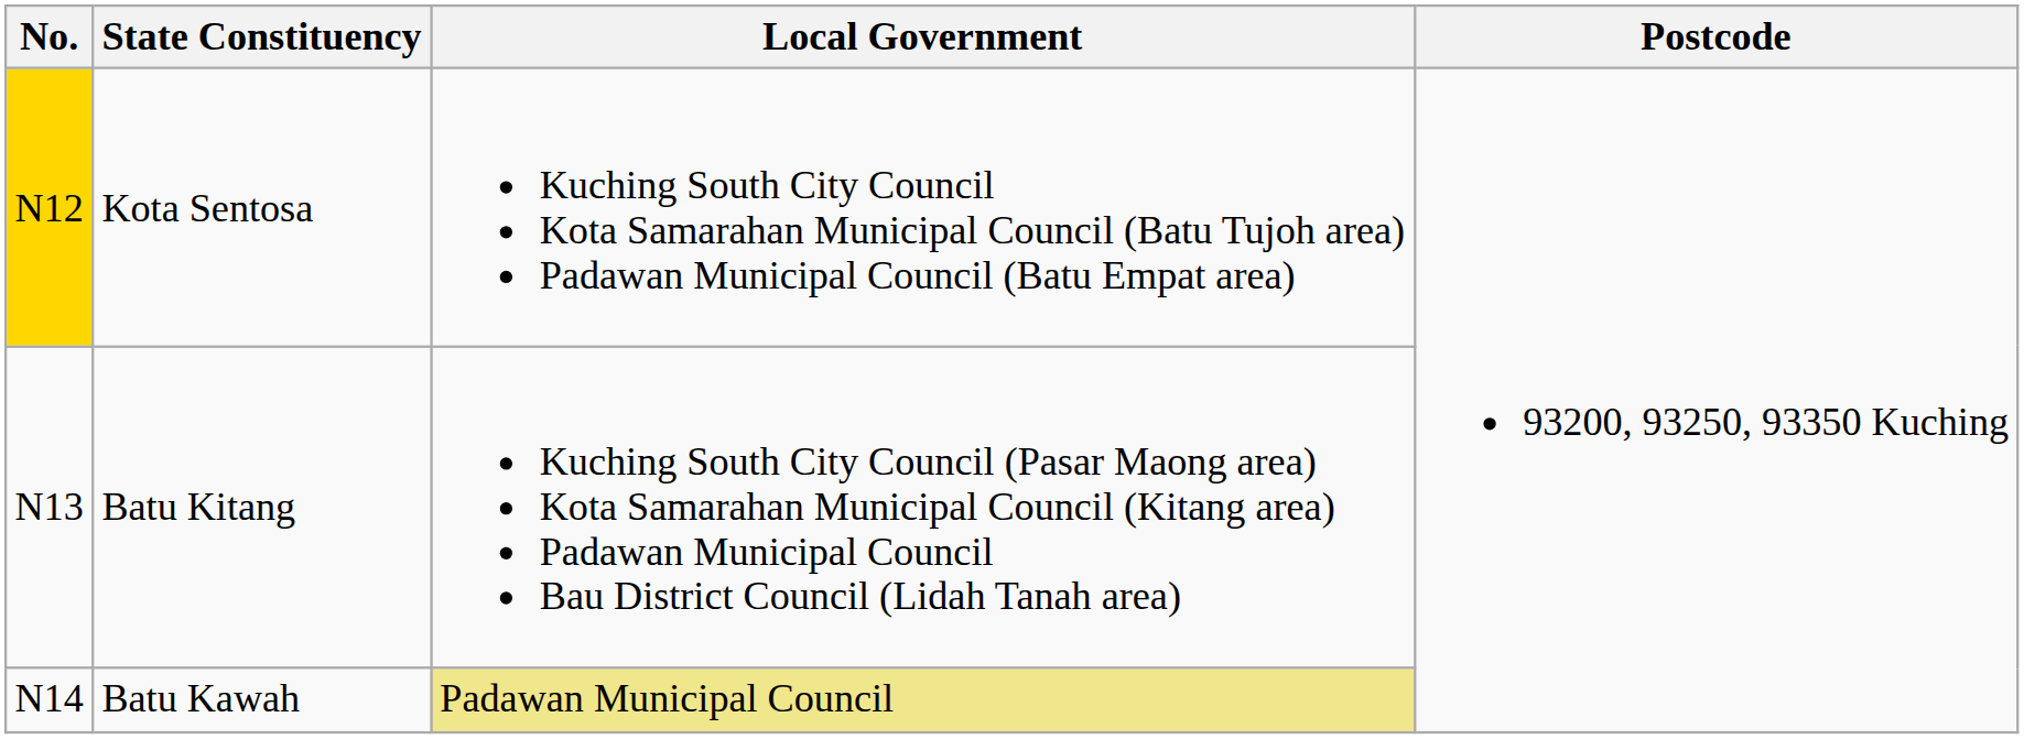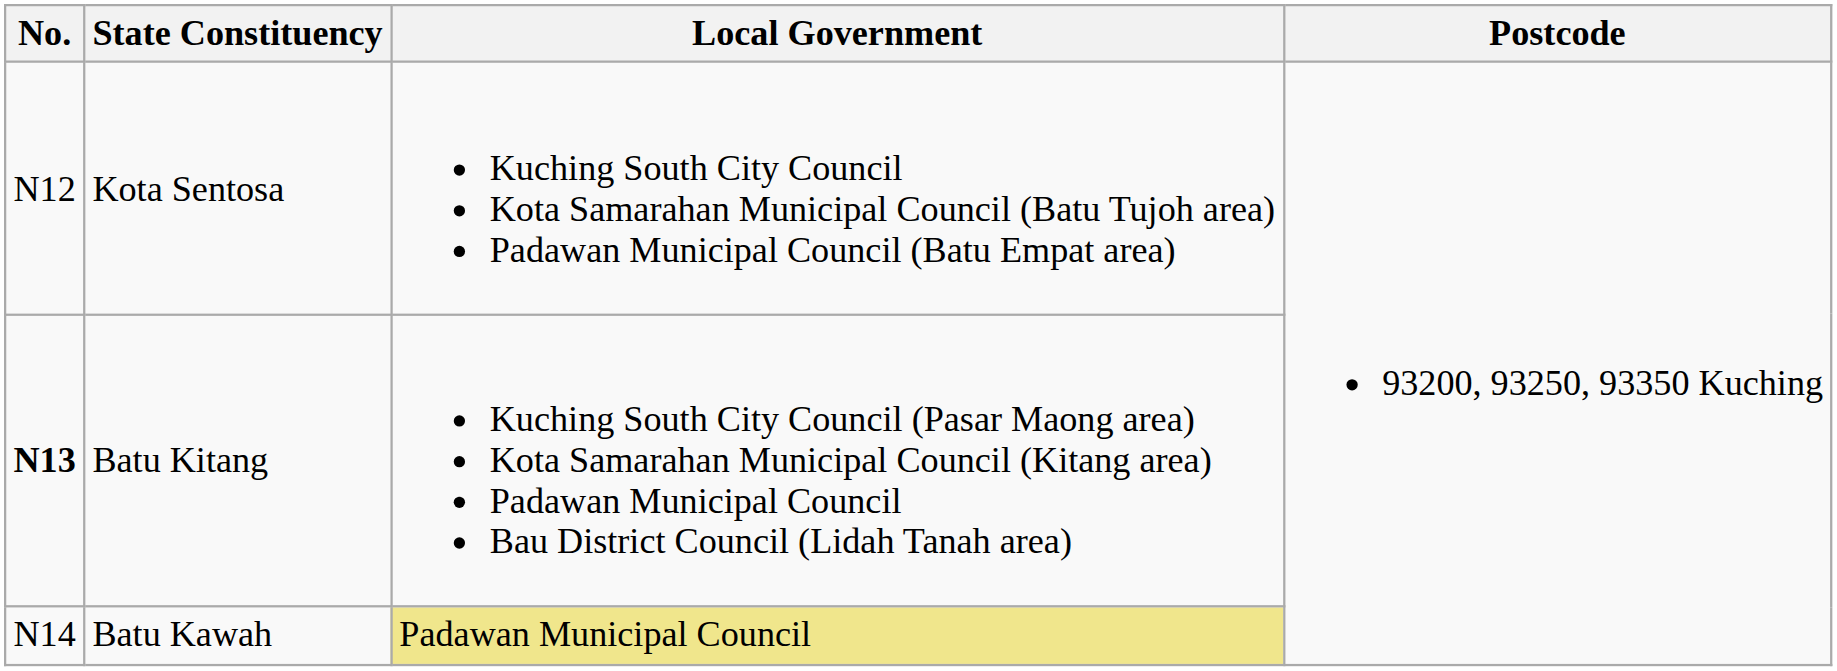 <table class="wikitable">
 <tr>
 <th>No.</th>
 <th>State Constituency</th>
 <th>Local Government</th>
 <th>Postcode</th>
 </tr>
 <tr>
-<td style="background: gold;">N12</td>
+<td>N12</td>
 <td>Kota Sentosa</td>
 <td><br><ul><li>Kuching South City Council</li><li>Kota Samarahan Municipal Council (Batu Tujoh area)</li><li>Padawan Municipal Council (Batu Empat area)</li></ul></td>
 <td rowspan="3"><br><ul><li>93200, 93250, 93350 Kuching</li></ul></td>
 </tr>
 <tr>
-<td>N13</td>
+<td><strong>N13</strong></td>
 <td>Batu Kitang</td>
 <td><br><ul><li>Kuching South City Council (Pasar Maong area)</li><li>Kota Samarahan Municipal Council (Kitang area)</li><li>Padawan Municipal Council</li><li>Bau District Council (Lidah Tanah area)</li></ul></td>
 </tr>
 <tr>
 <td>N14</td>
 <td>Batu Kawah</td>
 <td style="background: khaki;">Padawan Municipal Council</td>
 </tr>
 </table>
